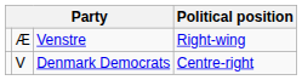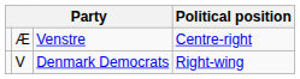 <table class="wikitable">
 <tr>
 <th colspan="3">Party</th>
 <th>Political position</th>
 </tr>
 <tr>
 <td></td>
 <td>Æ</td>
 <td><a href='#'>Venstre</a></td>
-<td><a href='#'>Right-wing</a></td>
+<td><a href='#'>Centre-right</a></td>
 </tr>
 <tr>
 <td></td>
 <td>V</td>
 <td><a href='#'>Denmark Democrats</a></td>
-<td><a href='#'>Centre-right</a></td>
+<td><a href='#'>Right-wing</a></td>
 </tr>
 </table>
